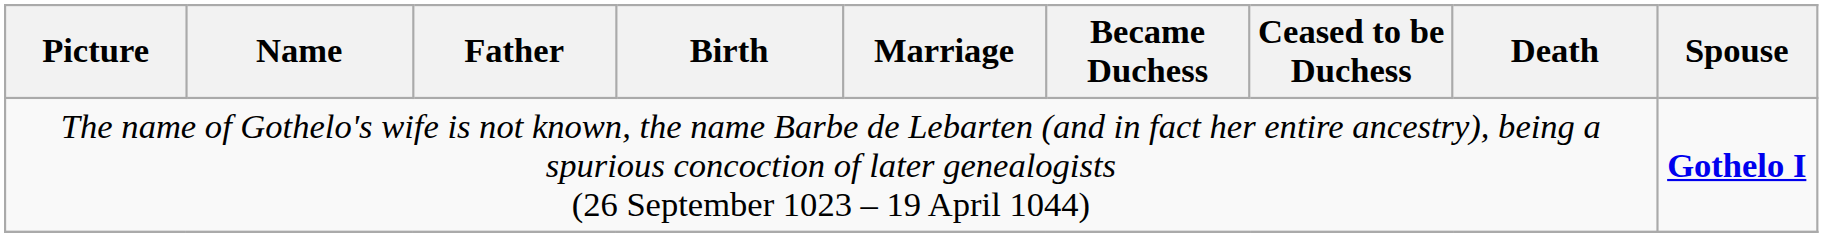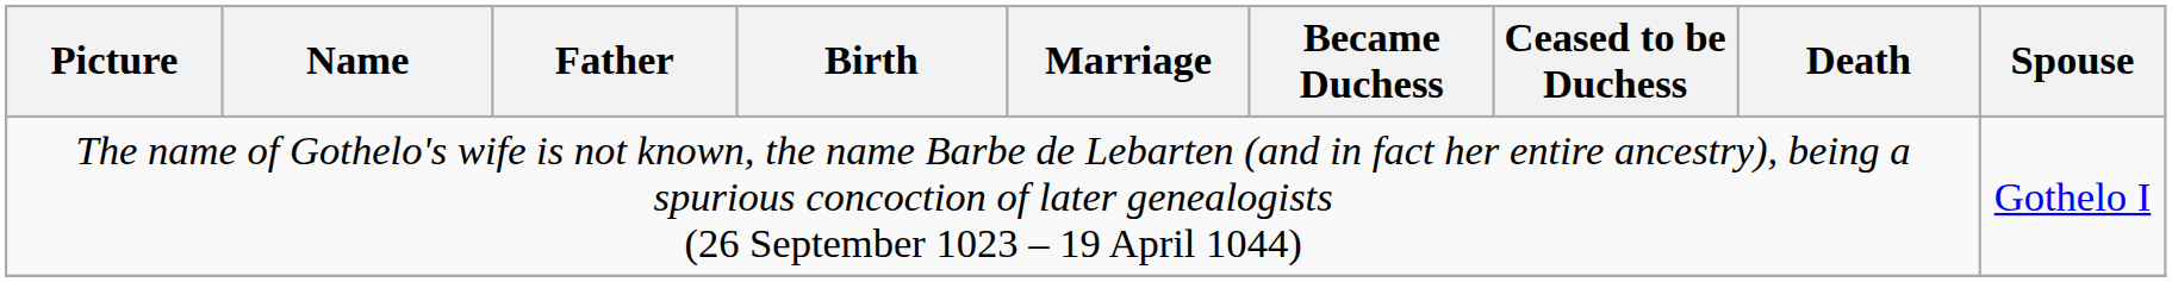 <table width=95% class="wikitable">
 <tr>
 <th width = "8%">Picture</th>
 <th width = "10%">Name</th>
 <th width = "9%">Father</th>
 <th width = "10%">Birth</th>
 <th width = "9%">Marriage</th>
 <th width = "9%">Became Duchess</th>
 <th width = "9%">Ceased to be Duchess</th>
 <th width = "9%">Death</th>
 <th width = "6%">Spouse</th>
 </tr>
 <tr>
 <td align="center" colspan="8"><em>The name of Gothelo's wife is not known, the name Barbe de Lebarten (and in fact her entire ancestry), being a spurious concoction of later genealogists</em><br>(26 September 1023 – 19 April 1044)</td>
-<td align="center"><strong><a href='#'>Gothelo I</a></strong></td>
+<td align="center"><a href='#'>Gothelo I</a></td>
 </tr>
 <tr>
 </tr>
 </table>
